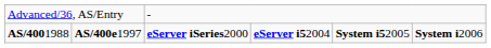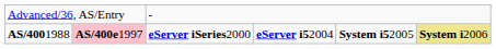 <table class="wikitable" style="text-align: ">
 <tr>
 <td colspan=2><a href='#'>Advanced/36</a>, AS/Entry</td>
 <td colspan=4>-</td>
 </tr>
 <tr>
 <td><strong>AS/400</strong>1988</td>
-<td><strong>AS/400e</strong>1997</td>
+<td style="background: pink;"><strong>AS/400e</strong>1997</td>
 <td><strong><a href='#'>eServer</a> iSeries</strong>2000</td>
 <td><strong><a href='#'>eServer</a> i5</strong>2004</td>
 <td><strong>System i5</strong>2005</td>
-<td><strong>System i</strong>2006</td>
+<td style="background: khaki;"><strong>System i</strong>2006</td>
 </tr>
 </table>
